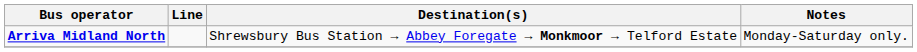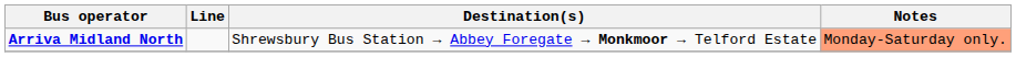 <table class="wikitable">
 <tr>
 <th>Bus operator</th>
 <th>Line</th>
 <th>Destination(s)</th>
 <th>Notes</th>
 </tr>
 <tr>
 <td><strong><a href='#'>Arriva Midland North</a></strong></td>
 <td><strong></strong></td>
 <td>Shrewsbury Bus Station → <a href='#'>Abbey Foregate</a> → <strong>Monkmoor</strong> → Telford Estate</td>
-<td>Monday-Saturday only.</td>
+<td style="background: lightsalmon;">Monday-Saturday only.</td>
 </tr>
 <tr>
 </tr>
 </table>
